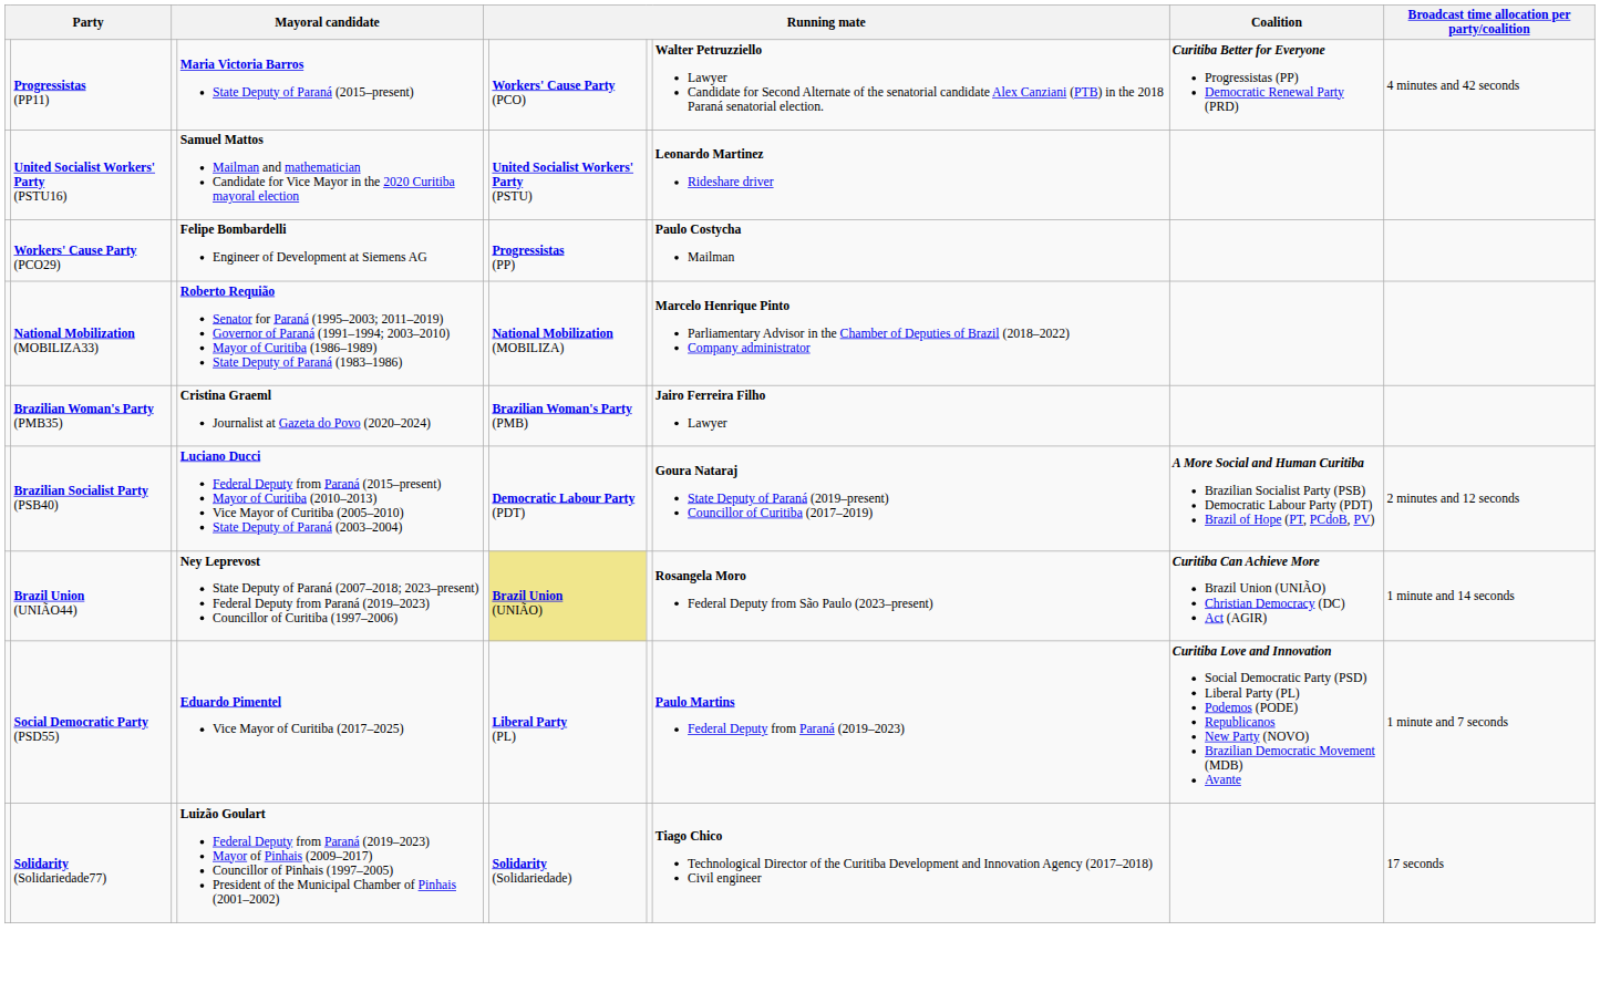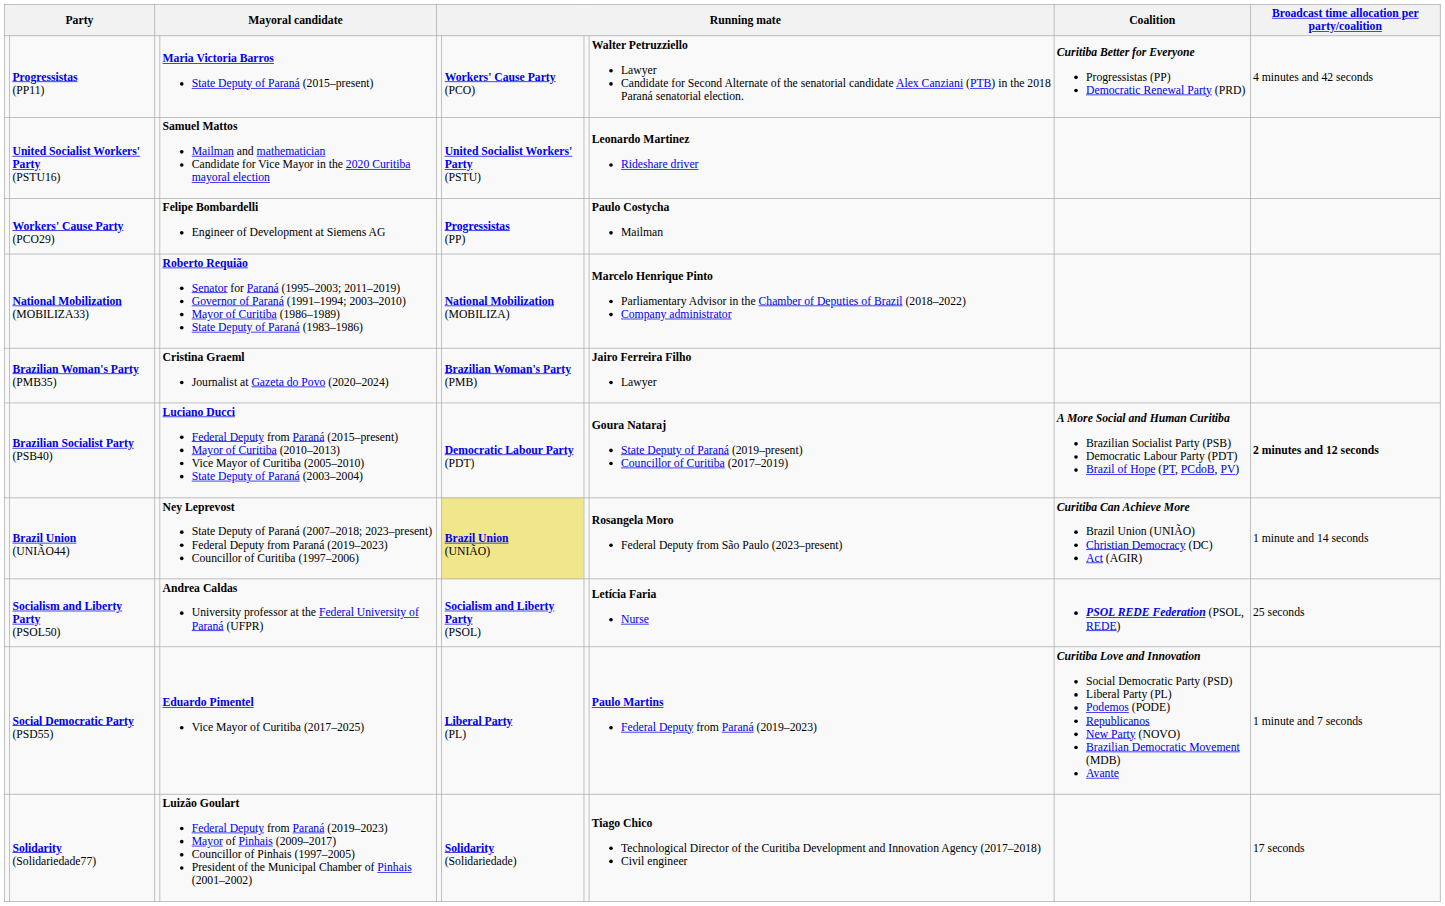 <table class="vertical-align-top wikitable">
 <tr>
 <th colspan="2" scope="colgroup">Party</th>
 <th colspan="2" scope="colgroup">Mayoral candidate</th>
 <th colspan="4">Running mate</th>
 <th scope="col">Coalition</th>
 <th><a href='#'>Broadcast time allocation per party/coalition</a></th>
 </tr>
 <tr>
 <td data-sort-type="number" class="sortable" style="background:"></td>
 <td><br><strong><a href='#'>Progressistas</a></strong><br>(PP11)</td>
 <td></td>
 <td><strong><a href='#'>Maria Victoria Barros</a></strong><br><ul><li><a href='#'>State Deputy of Paraná</a> (2015–present)</li></ul></td>
 <td data-sort-type="number" class="sortable" style="background:"></td>
 <td><br><strong><a href='#'>Workers' Cause Party</a></strong><br>(PCO)</td>
 <td></td>
 <td><strong>Walter Petruzziello</strong><br><ul><li>Lawyer</li><li>Candidate for Second Alternate of the senatorial candidate <a href='#'>Alex Canziani</a> (<a href='#'>PTB</a>) in the 2018 Paraná senatorial election.</li></ul></td>
 <td><strong><em>Curitiba Better for Everyone</em></strong><br><ul><li>Progressistas (PP)</li><li><a href='#'>Democratic Renewal Party</a> (PRD)</li></ul></td>
 <td>4 minutes and 42 seconds</td>
 </tr>
 <tr>
 <td data-sort-type="number" class="sortable" style="background:"></td>
 <td><br><strong><a href='#'>United Socialist Workers' Party</a></strong><br>(PSTU16)</td>
 <td></td>
 <td><strong>Samuel Mattos</strong><br><ul><li><a href='#'>Mailman</a> and <a href='#'>mathematician</a></li><li>Candidate for Vice Mayor in the <a href='#'>2020 Curitiba mayoral election</a></li></ul></td>
 <td data-sort-type="number" class="sortable" style="background:"></td>
 <td><br><strong><a href='#'>United Socialist Workers' Party</a></strong><br>(PSTU)</td>
 <td></td>
 <td><strong>Leonardo Martinez</strong><br><ul><li><a href='#'>Rideshare driver</a></li></ul></td>
 <td></td>
 <td></td>
 </tr>
 <tr>
 <td data-sort-type="number" class="sortable" style="background:"></td>
 <td><br><strong><a href='#'>Workers' Cause Party</a></strong><br>(PCO29)</td>
 <td></td>
 <td><strong>Felipe Bombardelli</strong><br><ul><li>Engineer of Development at Siemens AG</li></ul></td>
 <td data-sort-type="number" class="sortable" style="background:"></td>
 <td><br><strong><a href='#'>Progressistas</a></strong><br>(PP)</td>
 <td></td>
 <td><strong>Paulo Costycha</strong><br><ul><li>Mailman</li></ul></td>
 <td></td>
 <td></td>
 </tr>
 <tr>
 <td data-sort-type="number" class="sortable" style="background:"></td>
 <td><br><strong><a href='#'>National Mobilization</a></strong><br>(MOBILIZA33)</td>
 <td></td>
 <td><strong><a href='#'>Roberto Requião</a></strong><br><ul><li><a href='#'>Senator</a> for <a href='#'>Paraná</a> (1995–2003; 2011–2019)</li><li><a href='#'>Governor of Paraná</a> (1991–1994; 2003–2010)</li><li><a href='#'>Mayor of Curitiba</a> (1986–1989)</li><li><a href='#'>State Deputy of Paraná</a> (1983–1986)</li></ul></td>
 <td data-sort-type="number" class="sortable" style="background:"></td>
 <td><br><strong><a href='#'>National Mobilization</a></strong><br>(MOBILIZA)</td>
 <td></td>
 <td><strong>Marcelo Henrique Pinto</strong><br><ul><li>Parliamentary Advisor in the <a href='#'>Chamber of Deputies of Brazil</a> (2018–2022)</li><li><a href='#'>Company administrator</a></li></ul></td>
 <td></td>
 <td></td>
 </tr>
 <tr>
 <td data-sort-type="number" class="sortable" style="background:"></td>
 <td><strong><a href='#'>Brazilian Woman's Party</a></strong><br>(PMB35)</td>
 <td></td>
 <td><strong>Cristina Graeml</strong><br><ul><li>Journalist at <a href='#'>Gazeta do Povo</a> (2020–2024)</li></ul></td>
 <td data-sort-type="number" class="sortable" style="background:"></td>
 <td><strong><a href='#'>Brazilian Woman's Party</a></strong><br>(PMB)</td>
 <td></td>
 <td><strong>Jairo Ferreira Filho</strong><br><ul><li>Lawyer</li></ul></td>
 <td></td>
 <td></td>
 </tr>
 <tr>
 <td data-sort-type="number" class="sortable" style="background:"></td>
 <td><strong><a href='#'>Brazilian Socialist Party</a></strong><br>(PSB40)</td>
 <td></td>
 <td><strong><a href='#'>Luciano Ducci</a></strong><br><ul><li><a href='#'>Federal Deputy</a> from <a href='#'>Paraná</a> (2015–present)</li><li><a href='#'>Mayor of Curitiba</a> (2010–2013)</li><li>Vice Mayor of Curitiba (2005–2010)</li><li><a href='#'>State Deputy of Paraná</a> (2003–2004)</li></ul></td>
 <td data-sort-type="number" class="sortable" style="background:"></td>
 <td><br><strong><a href='#'>Democratic Labour Party</a></strong><br>(PDT)</td>
 <td></td>
 <td><strong>Goura Nataraj</strong><br><ul><li><a href='#'>State Deputy of Paraná</a> (2019–present)</li><li><a href='#'>Councillor of Curitiba</a> (2017–2019)</li></ul></td>
 <td><strong><em>A More Social and Human Curitiba</em></strong><br><ul><li>Brazilian Socialist Party (PSB)</li><li>Democratic Labour Party (PDT)</li><li><a href='#'>Brazil of Hope</a> (<a href='#'>PT</a>, <a href='#'>PCdoB</a>, <a href='#'>PV</a>)</li></ul></td>
-<td>2 minutes and 12 seconds</td>
+<td><strong>2 minutes and 12 seconds</strong></td>
 </tr>
 <tr>
 <td data-sort-type="number" class="sortable" style="background:"></td>
 <td><br><strong><a href='#'>Brazil Union</a></strong><br>(UNIÃO44)</td>
 <td></td>
 <td><strong>Ney Leprevost</strong><br><ul><li>State Deputy of Paraná (2007–2018; 2023–present)</li><li>Federal Deputy from Paraná (2019–2023)</li><li>Councillor of Curitiba (1997–2006)</li></ul></td>
 <td data-sort-type="number" class="sortable" style="background:"></td>
 <td style="background: khaki;"><br><strong><a href='#'>Brazil Union</a></strong><br>(UNIÃO)</td>
 <td></td>
 <td><strong>Rosangela Moro</strong><br><ul><li>Federal Deputy from São Paulo (2023–present)</li></ul></td>
 <td><strong><em>Curitiba Can Achieve More</em></strong><br><ul><li>Brazil Union (UNIÃO)</li><li><a href='#'>Christian Democracy</a> (DC)</li><li><a href='#'>Act</a> (AGIR)</li></ul></td>
 <td>1 minute and 14 seconds</td>
+</tr>
+<tr>
+<td data-sort-type="number" class="sortable" style="background:"></td>
+<td><br><strong><a href='#'>Socialism and Liberty Party</a></strong><br>(PSOL50)</td>
+<td></td>
+<td><strong>Andrea Caldas</strong><br><ul><li>University professor at the <a href='#'>Federal University of Paraná</a> (UFPR)</li></ul></td>
+<td data-sort-type="number" class="sortable" style="background:"></td>
+<td><br><strong><a href='#'>Socialism and Liberty Party</a></strong><br>(PSOL)</td>
+<td></td>
+<td><strong>Letícia Faria</strong><br><ul><li><a href='#'>Nurse</a></li></ul></td>
+<td><br><ul><li><strong><em><a href='#'>PSOL REDE Federation</a></em></strong> (PSOL, <a href='#'>REDE</a>)</li></ul></td>
+<td>25 seconds</td>
 </tr>
 <tr>
 <td data-sort-type="number" class="sortable" style="background:"></td>
 <td><br><strong><a href='#'>Social Democratic Party</a></strong><br>(PSD55)</td>
 <td></td>
 <td><strong><a href='#'>Eduardo Pimentel</a></strong><br><ul><li>Vice Mayor of Curitiba (2017–2025)</li></ul></td>
 <td data-sort-type="number" class="sortable" style="background:"></td>
 <td><br><strong><a href='#'>Liberal Party</a></strong><br>(PL)</td>
 <td></td>
 <td><a href='#'><strong>Paulo Martins</strong></a><br><ul><li><a href='#'>Federal Deputy</a> from <a href='#'>Paraná</a> (2019–2023)</li></ul></td>
 <td><strong><em>Curitiba Love and Innovation</em></strong><br><ul><li>Social Democratic Party (PSD)</li><li>Liberal Party (PL)</li><li><a href='#'>Podemos</a> (PODE)</li><li><a href='#'>Republicanos</a></li><li><a href='#'>New Party</a> (NOVO)</li><li><a href='#'>Brazilian Democratic Movement</a> (MDB)<strong><em></em></strong></li><li><a href='#'>Avante</a></li></ul></td>
 <td>1 minute and 7 seconds</td>
 </tr>
 <tr>
 <td data-sort-type="number" class="sortable" style="background:"></td>
 <td><br><strong><a href='#'>Solidarity</a></strong><br>(Solidariedade77)</td>
 <td></td>
 <td><strong>Luizão Goulart</strong><br><ul><li><a href='#'>Federal Deputy</a> from <a href='#'>Paraná</a> (2019–2023)</li><li><a href='#'>Mayor</a> of <a href='#'>Pinhais</a> (2009–2017)</li><li>Councillor of Pinhais (1997–2005)</li><li>President of the Municipal Chamber of <a href='#'>Pinhais</a> (2001–2002)</li></ul></td>
 <td data-sort-type="number" class="sortable" style="background:"></td>
 <td><br><strong><a href='#'>Solidarity</a></strong><br>(Solidariedade)</td>
 <td></td>
 <td><strong>Tiago Chico</strong><br><ul><li>Technological Director of the Curitiba Development and Innovation Agency (2017–2018)</li><li>Civil engineer<strong><em></em></strong></li></ul></td>
 <td></td>
 <td>17 seconds</td>
 </tr>
 </table>
